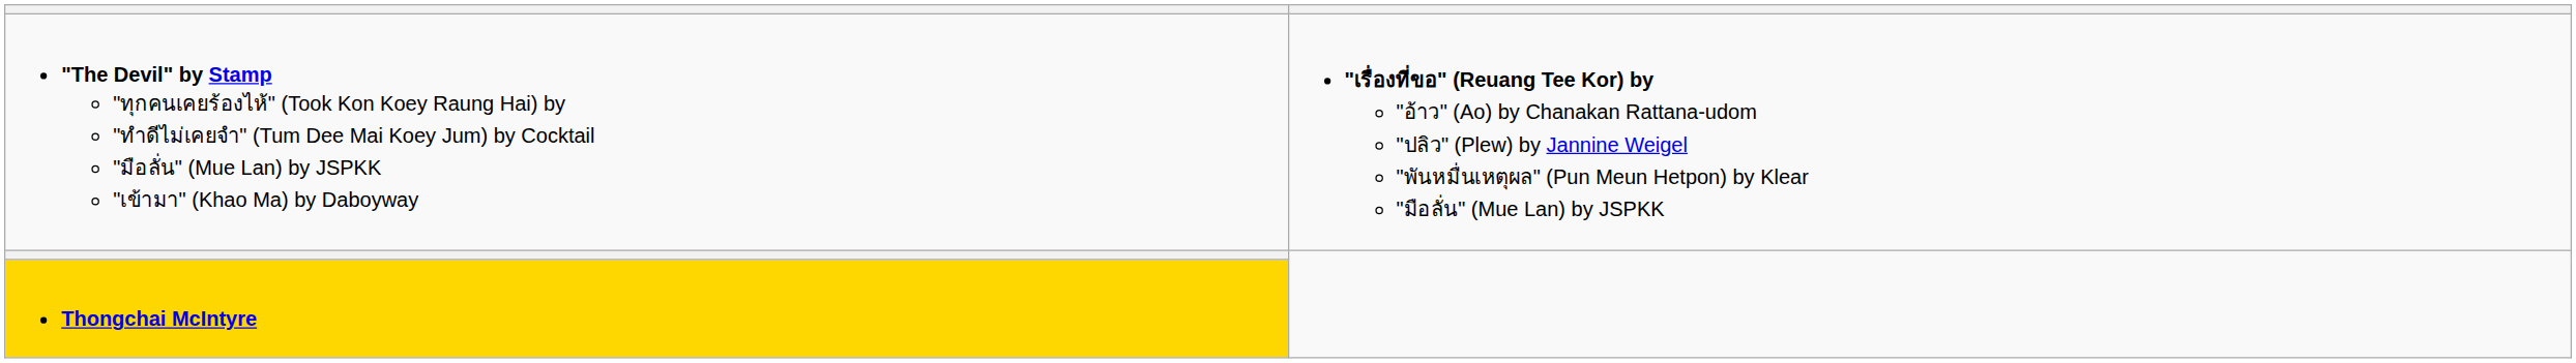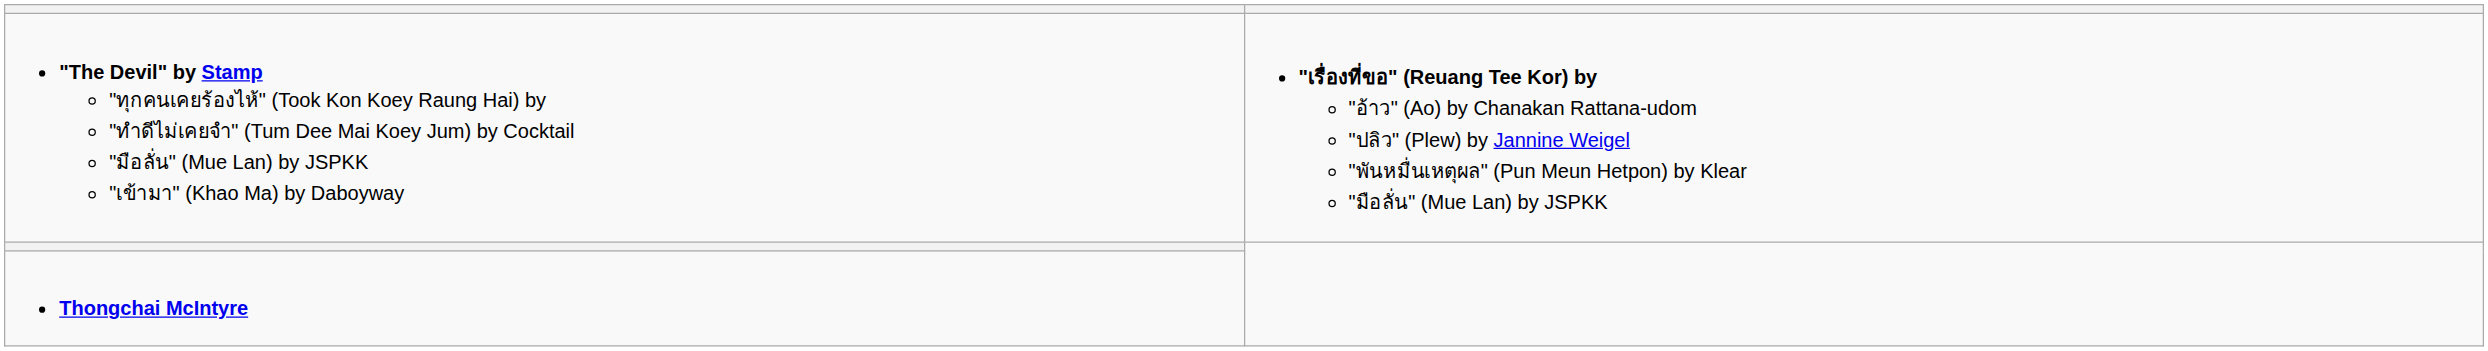 <table class=wikitable width="100%">
 <tr>
 <th></th>
 <th></th>
 </tr>
 <tr>
 <td valign="top" width="50%"><br><ul><li><strong>"The Devil" by <a href='#'>Stamp</a></strong><ul><li>"ทุกคนเคยร้องไห้" (Took Kon Koey Raung Hai) by </li><li>"ทำดีไม่เคยจำ" (Tum Dee Mai Koey Jum) by Cocktail</li><li>"มือลั่น" (Mue Lan) by JSPKK</li><li>"เข้ามา" (Khao Ma) by Daboyway</li></ul></li></ul></td>
 <td valign="top" width="50%"><br><ul><li><strong>"เรื่องที่ขอ" (Reuang Tee Kor) by </strong><ul><li>"อ้าว" (Ao) by Chanakan Rattana-udom</li><li>"ปลิว" (Plew) by <a href='#'>Jannine Weigel</a></li><li>"พันหมื่นเหตุผล" (Pun Meun Hetpon) by Klear</li><li>"มือลั่น" (Mue Lan) by JSPKK</li></ul></li></ul></td>
 </tr>
 <tr>
 <th></th>
 </tr>
 <tr>
-<td valign="top" width="50%" style="background: gold;"><br><ul><li><strong><a href='#'>Thongchai McIntyre</a></strong></li></ul></td>
+<td valign="top" width="50%"><br><ul><li><strong><a href='#'>Thongchai McIntyre</a></strong></li></ul></td>
 </tr>
 </table>
